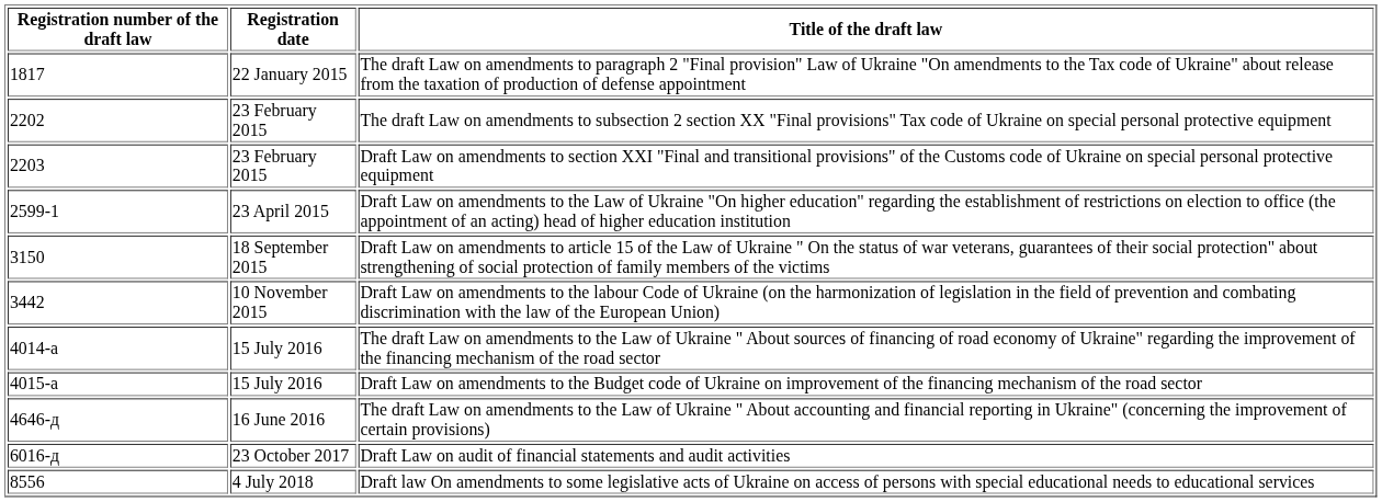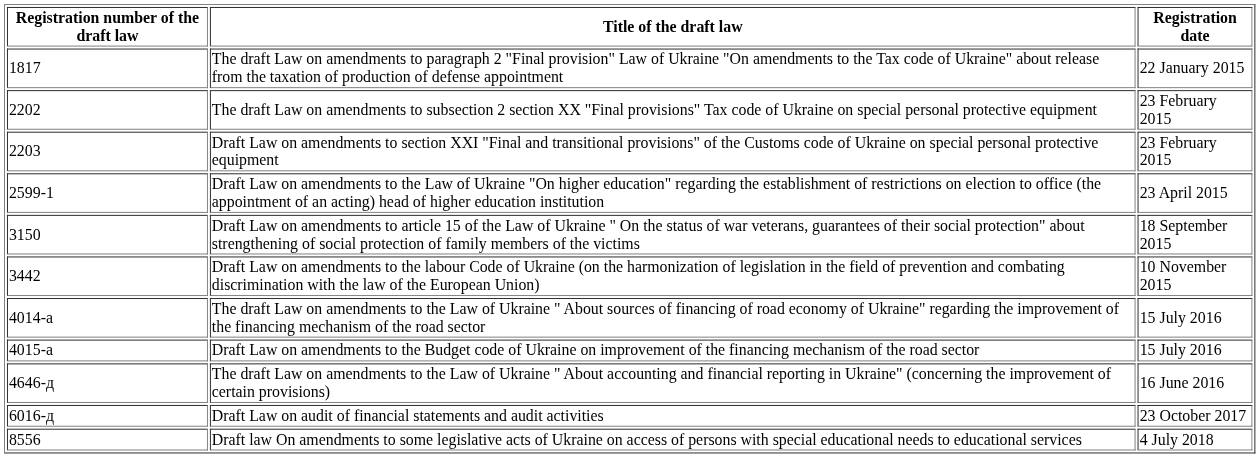 <table border="1">
 <tr>
 <th>Registration number of the draft law</th>
+<th>Title of the draft law</th>
 <th>Registration date</th>
-<th>Title of the draft law</th>
 </tr>
 <tr>
 <td>1817</td>
+<td>The draft Law on amendments to paragraph 2 "Final provision" Law of Ukraine "On amendments to the Tax code of Ukraine" about release from the taxation of production of defense appointment</td>
 <td>22 January 2015</td>
-<td>The draft Law on amendments to paragraph 2 "Final provision" Law of Ukraine "On amendments to the Tax code of Ukraine" about release from the taxation of production of defense appointment</td>
 </tr>
 <tr>
 <td>2202</td>
+<td>The draft Law on amendments to subsection 2 section XX "Final provisions" Tax code of Ukraine on special personal protective equipment</td>
 <td>23 February 2015</td>
-<td>The draft Law on amendments to subsection 2 section XX "Final provisions" Tax code of Ukraine on special personal protective equipment</td>
 </tr>
 <tr>
 <td>2203</td>
+<td>Draft Law on amendments to section XXI "Final and transitional provisions" of the Customs code of Ukraine on special personal protective equipment</td>
 <td>23 February 2015</td>
-<td>Draft Law on amendments to section XXI "Final and transitional provisions" of the Customs code of Ukraine on special personal protective equipment</td>
 </tr>
 <tr>
 <td>2599-1</td>
+<td>Draft Law on amendments to the Law of Ukraine "On higher education" regarding the establishment of restrictions on election to office (the appointment of an acting) head of higher education institution</td>
 <td>23 April 2015</td>
-<td>Draft Law on amendments to the Law of Ukraine "On higher education" regarding the establishment of restrictions on election to office (the appointment of an acting) head of higher education institution</td>
 </tr>
 <tr>
 <td>3150</td>
+<td>Draft Law on amendments to article 15 of the Law of Ukraine " On the status of war veterans, guarantees of their social protection" about strengthening of social protection of family members of the victims</td>
 <td>18 September 2015</td>
-<td>Draft Law on amendments to article 15 of the Law of Ukraine " On the status of war veterans, guarantees of their social protection" about strengthening of social protection of family members of the victims</td>
 </tr>
 <tr>
 <td>3442</td>
+<td>Draft Law on amendments to the labour Code of Ukraine (on the harmonization of legislation in the field of prevention and combating discrimination with the law of the European Union)</td>
 <td>10 November 2015</td>
-<td>Draft Law on amendments to the labour Code of Ukraine (on the harmonization of legislation in the field of prevention and combating discrimination with the law of the European Union)</td>
 </tr>
 <tr>
 <td>4014-а</td>
+<td>The draft Law on amendments to the Law of Ukraine " About sources of financing of road economy of Ukraine" regarding the improvement of the financing mechanism of the road sector</td>
 <td>15 July 2016</td>
-<td>The draft Law on amendments to the Law of Ukraine " About sources of financing of road economy of Ukraine" regarding the improvement of the financing mechanism of the road sector</td>
 </tr>
 <tr>
 <td>4015-а</td>
+<td>Draft Law on amendments to the Budget code of Ukraine on improvement of the financing mechanism of the road sector</td>
 <td>15 July 2016</td>
-<td>Draft Law on amendments to the Budget code of Ukraine on improvement of the financing mechanism of the road sector</td>
 </tr>
 <tr>
 <td>4646-д</td>
+<td>The draft Law on amendments to the Law of Ukraine " About accounting and financial reporting in Ukraine" (concerning the improvement of certain provisions)</td>
 <td>16 June 2016</td>
-<td>The draft Law on amendments to the Law of Ukraine " About accounting and financial reporting in Ukraine" (concerning the improvement of certain provisions)</td>
 </tr>
 <tr>
 <td>6016-д</td>
+<td>Draft Law on audit of financial statements and audit activities</td>
 <td>23 October 2017</td>
-<td>Draft Law on audit of financial statements and audit activities</td>
 </tr>
 <tr>
 <td>8556</td>
+<td>Draft law On amendments to some legislative acts of Ukraine on access of persons with special educational needs to educational services</td>
 <td>4 July 2018</td>
-<td>Draft law On amendments to some legislative acts of Ukraine on access of persons with special educational needs to educational services</td>
 </tr>
 </table>
